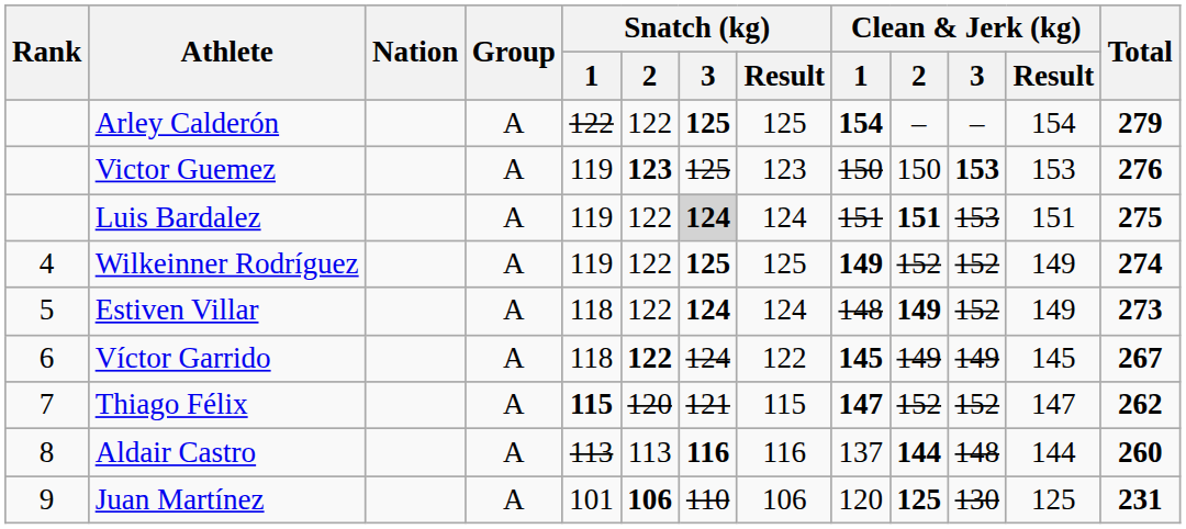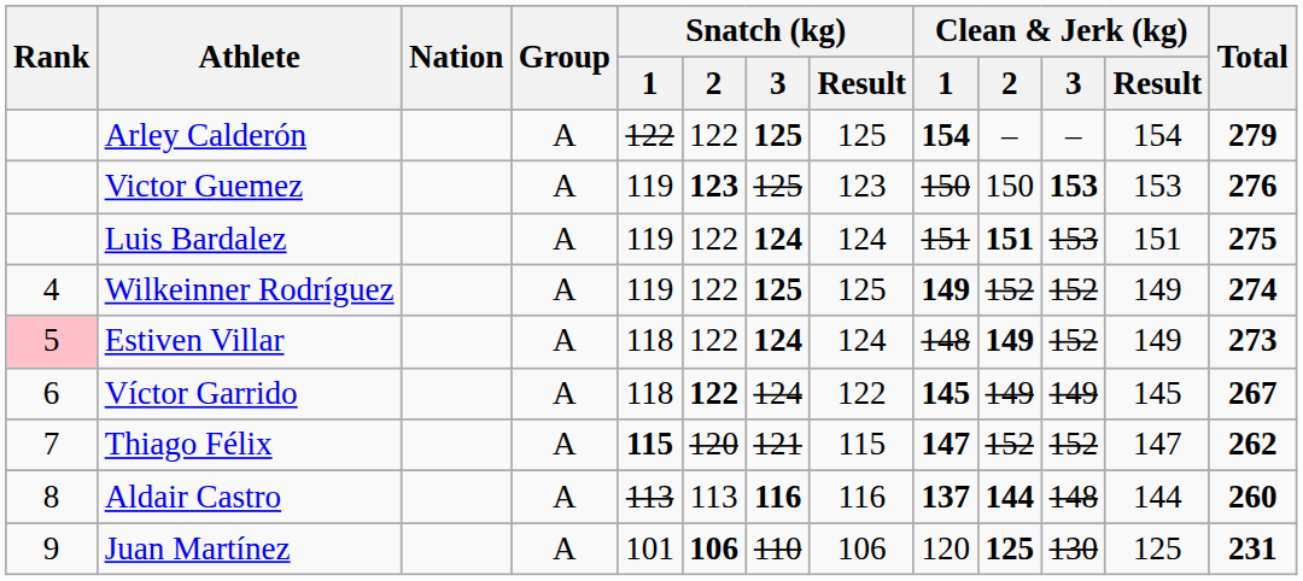 <table class="wikitable sortable" style="text-align:center;">
 <tr>
 <th rowspan=2>Rank</th>
 <th rowspan=2>Athlete</th>
 <th rowspan=2>Nation</th>
 <th rowspan=2>Group</th>
 <th colspan=4>Snatch (kg)</th>
 <th colspan=4>Clean & Jerk (kg)</th>
 <th rowspan=2>Total</th>
 </tr>
 <tr>
 <th>1</th>
 <th>2</th>
 <th>3</th>
 <th>Result</th>
 <th>1</th>
 <th>2</th>
 <th>3</th>
 <th>Result</th>
 </tr>
 <tr>
 <td></td>
 <td align=left><a href='#'>Arley Calderón</a></td>
 <td align=left></td>
 <td>A</td>
 <td><s>122</s></td>
 <td>122</td>
 <td><strong>125</strong></td>
 <td>125</td>
 <td><strong>154</strong></td>
 <td>–</td>
 <td>–</td>
 <td>154</td>
 <td><strong>279</strong></td>
 </tr>
 <tr>
 <td></td>
 <td align=left><a href='#'>Victor Guemez</a></td>
 <td align=left></td>
 <td>A</td>
 <td>119</td>
 <td><strong>123</strong></td>
 <td><s>125</s></td>
 <td>123</td>
 <td><s>150</s></td>
 <td>150</td>
 <td><strong>153</strong></td>
 <td>153</td>
 <td><strong>276</strong></td>
 </tr>
 <tr>
 <td></td>
 <td align=left><a href='#'>Luis Bardalez</a></td>
 <td align=left></td>
 <td>A</td>
 <td>119</td>
 <td>122</td>
-<td style="background: lightgrey;"><strong>124</strong></td>
+<td><strong>124</strong></td>
 <td>124</td>
 <td><s>151</s></td>
 <td><strong>151</strong></td>
 <td><s>153</s></td>
 <td>151</td>
 <td><strong>275</strong></td>
 </tr>
 <tr>
 <td>4</td>
 <td align=left><a href='#'>Wilkeinner Rodríguez</a></td>
 <td align=left></td>
 <td>A</td>
 <td>119</td>
 <td>122</td>
 <td><strong>125</strong></td>
 <td>125</td>
 <td><strong>149</strong></td>
 <td><s>152</s></td>
 <td><s>152</s></td>
 <td>149</td>
 <td><strong>274</strong></td>
 </tr>
 <tr>
-<td>5</td>
+<td style="background: pink;">5</td>
 <td align=left><a href='#'>Estiven Villar</a></td>
 <td align=left></td>
 <td>A</td>
 <td>118</td>
 <td>122</td>
 <td><strong>124</strong></td>
 <td>124</td>
 <td><s>148</s></td>
 <td><strong>149</strong></td>
 <td><s>152</s></td>
 <td>149</td>
 <td><strong>273</strong></td>
 </tr>
 <tr>
 <td>6</td>
 <td align=left><a href='#'>Víctor Garrido</a></td>
 <td align=left></td>
 <td>A</td>
 <td>118</td>
 <td><strong>122</strong></td>
 <td><s>124</s></td>
 <td>122</td>
 <td><strong>145</strong></td>
 <td><s>149</s></td>
 <td><s>149</s></td>
 <td>145</td>
 <td><strong>267</strong></td>
 </tr>
 <tr>
 <td>7</td>
 <td align=left><a href='#'>Thiago Félix</a></td>
 <td align=left></td>
 <td>A</td>
 <td><strong>115</strong></td>
 <td><s>120</s></td>
 <td><s>121</s></td>
 <td>115</td>
 <td><strong>147</strong></td>
 <td><s>152</s></td>
 <td><s>152</s></td>
 <td>147</td>
 <td><strong>262</strong></td>
 </tr>
 <tr>
 <td>8</td>
 <td align=left><a href='#'>Aldair Castro</a></td>
 <td align=left></td>
 <td>A</td>
 <td><s>113</s></td>
 <td>113</td>
 <td><strong>116</strong></td>
 <td>116</td>
-<td>137</td>
+<td><strong>137</strong></td>
 <td><strong>144</strong></td>
 <td><s>148</s></td>
 <td>144</td>
 <td><strong>260</strong></td>
 </tr>
 <tr>
 <td>9</td>
 <td align=left><a href='#'>Juan Martínez</a></td>
 <td align=left></td>
 <td>A</td>
 <td>101</td>
 <td><strong>106</strong></td>
 <td><s>110</s></td>
 <td>106</td>
 <td>120</td>
 <td><strong>125</strong></td>
 <td><s>130</s></td>
 <td>125</td>
 <td><strong>231</strong></td>
 </tr>
 </table>
